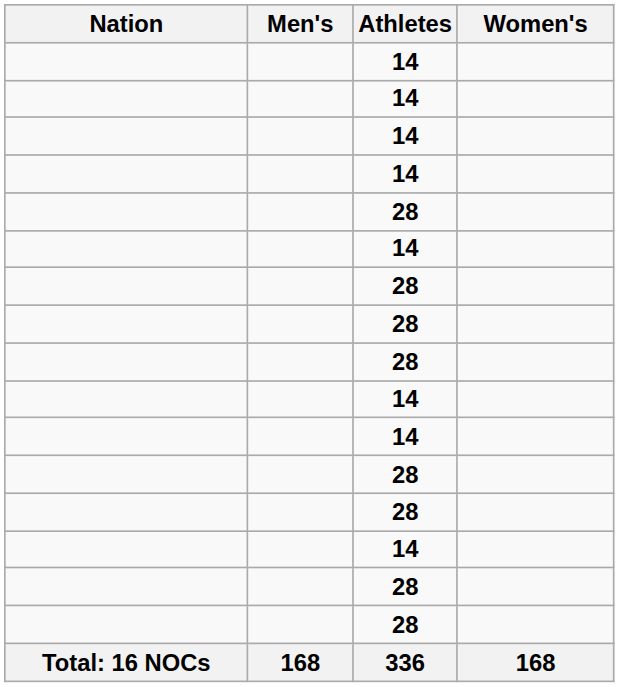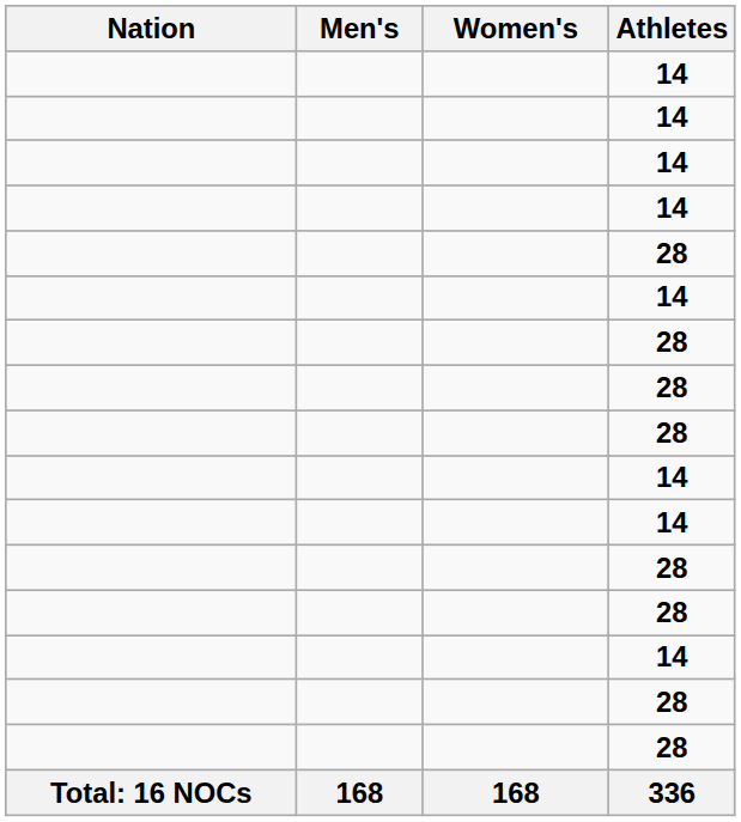 <table class="wikitable sortable" width=370 style="text-align:center; font-size:90%">
 <tr>
 <th>Nation</th>
 <th>Men's</th>
+<th>Women's</th>
 <th width=55>Athletes</th>
-<th>Women's</th>
 </tr>
 <tr>
 <td style="text-align:left;"></td>
 <td></td>
+<td></td>
 <td><strong>14</strong></td>
-<td></td>
 </tr>
 <tr>
 <td style="text-align:left;"></td>
 <td></td>
+<td></td>
 <td><strong>14</strong></td>
-<td></td>
 </tr>
 <tr>
 <td style="text-align:left;"></td>
 <td></td>
+<td></td>
 <td><strong>14</strong></td>
-<td></td>
 </tr>
 <tr>
 <td style="text-align:left;"></td>
 <td></td>
+<td></td>
 <td><strong>14</strong></td>
-<td></td>
 </tr>
 <tr>
 <td style="text-align:left;"></td>
 <td></td>
+<td></td>
 <td><strong>28</strong></td>
-<td></td>
 </tr>
 <tr>
 <td style="text-align:left;"></td>
 <td></td>
+<td></td>
 <td><strong>14</strong></td>
-<td></td>
 </tr>
 <tr>
 <td style="text-align:left;"></td>
 <td></td>
+<td></td>
 <td><strong>28</strong></td>
-<td></td>
 </tr>
 <tr>
 <td style="text-align:left;"></td>
 <td></td>
+<td></td>
 <td><strong>28</strong></td>
-<td></td>
 </tr>
 <tr>
 <td style="text-align:left;"></td>
 <td></td>
+<td></td>
 <td><strong>28</strong></td>
-<td></td>
 </tr>
 <tr>
 <td style="text-align:left;"></td>
 <td></td>
+<td></td>
 <td><strong>14</strong></td>
-<td></td>
 </tr>
 <tr>
 <td style="text-align:left;"></td>
 <td></td>
+<td></td>
 <td><strong>14</strong></td>
-<td></td>
 </tr>
 <tr>
 <td style="text-align:left;"></td>
 <td></td>
+<td></td>
 <td><strong>28</strong></td>
-<td></td>
 </tr>
 <tr>
 <td style="text-align:left;"></td>
 <td></td>
+<td></td>
 <td><strong>28</strong></td>
-<td></td>
 </tr>
 <tr>
 <td style="text-align:left;"></td>
 <td></td>
+<td></td>
 <td><strong>14</strong></td>
-<td></td>
 </tr>
 <tr>
 <td style="text-align:left;"></td>
 <td></td>
+<td></td>
 <td><strong>28</strong></td>
-<td></td>
 </tr>
 <tr>
 <td style="text-align:left;"></td>
 <td></td>
+<td></td>
 <td><strong>28</strong></td>
-<td></td>
 </tr>
 <tr>
 <th>Total: 16 NOCs</th>
 <th>168</th>
+<th>168</th>
 <th>336</th>
-<th>168</th>
 </tr>
 </table>
